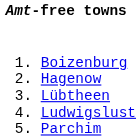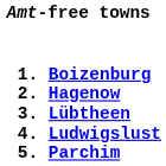 <table>
 <tr ---->
 <th><em>Amt</em>-free towns</th>
 </tr>
 <tr>
-<td valign=top><br><ol><li><a href='#'>Boizenburg</a></li><li><a href='#'>Hagenow</a></li><li><a href='#'>Lübtheen</a></li><li><a href='#'>Ludwigslust</a></li><li><a href='#'>Parchim</a></li></ol></td>
+<td valign=top><strong><br><ol><li><a href='#'>Boizenburg</a></li><li><a href='#'>Hagenow</a></li><li><a href='#'>Lübtheen</a></li><li><a href='#'>Ludwigslust</a></li><li><a href='#'>Parchim</a></li></ol></strong></td>
 </tr>
 </table>
